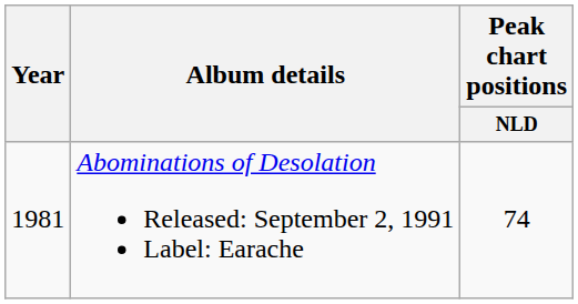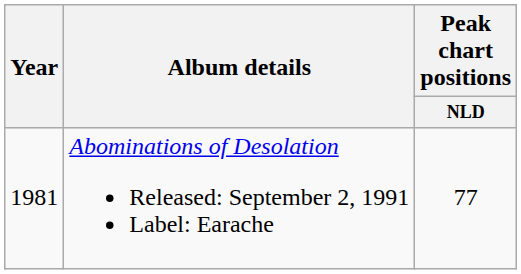 <table class="wikitable">
 <tr>
 <th rowspan="2">Year</th>
 <th rowspan="2">Album details</th>
 <th colspan="1">Peak chart positions</th>
 </tr>
 <tr>
 <th style="width:3em;font-size:75%;">NLD<br></th>
 </tr>
 <tr>
 <td align="center">1981</td>
 <td style="text-align:left;"><em><a href='#'>Abominations of Desolation</a></em><br><ul><li>Released: September 2, 1991</li><li>Label: Earache</li></ul></td>
-<td style="text-align:center;">74</td>
+<td style="text-align:center;">77</td>
 </tr>
 </table>
